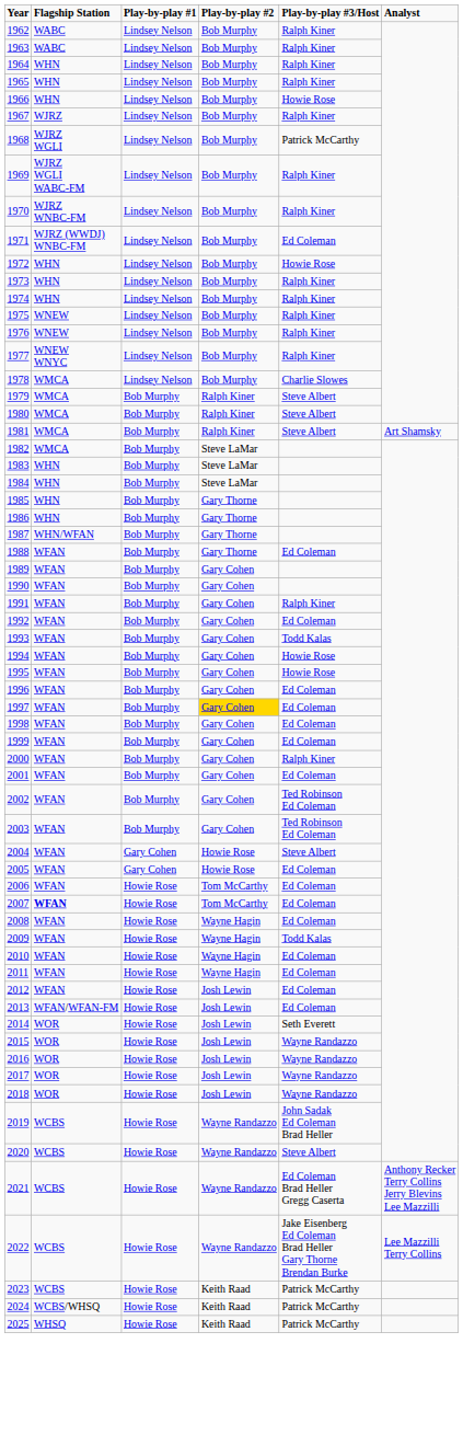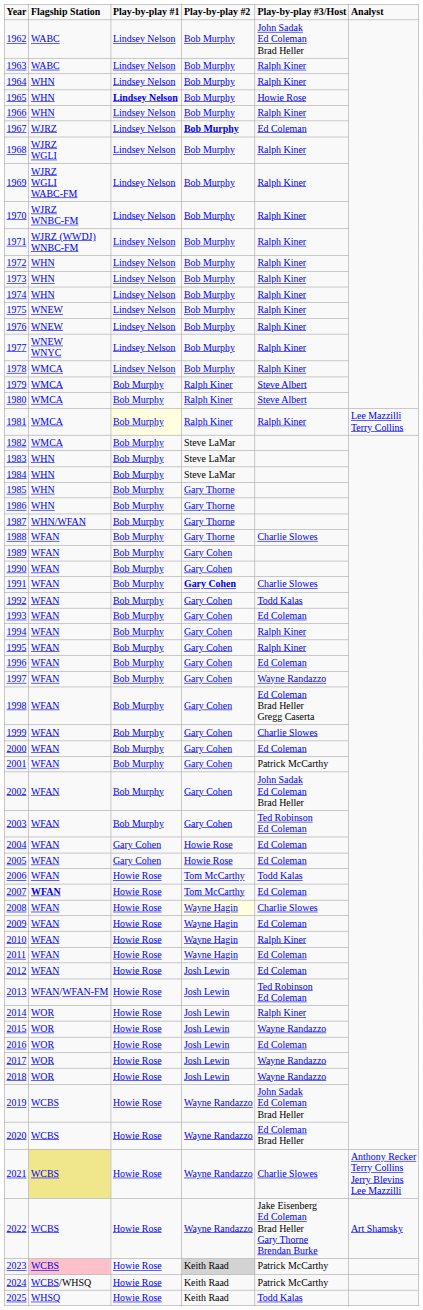 <table class="wikitable">
 <tr>
 <td><strong>Year</strong></td>
 <td><strong>Flagship Station</strong></td>
 <td><strong>Play-by-play #1</strong></td>
 <td><strong>Play-by-play #2</strong></td>
 <td><strong>Play-by-play #3/Host</strong></td>
 <td><strong>Analyst</strong></td>
 </tr>
 <tr>
 <td><a href='#'>1962</a></td>
 <td><a href='#'>WABC</a></td>
 <td><a href='#'>Lindsey Nelson</a></td>
 <td><a href='#'>Bob Murphy</a></td>
-<td><a href='#'>Ralph Kiner</a></td>
+<td><a href='#'>John Sadak</a><br><a href='#'>Ed Coleman</a><br>Brad Heller</td>
 </tr>
 <tr>
 <td><a href='#'>1963</a></td>
 <td><a href='#'>WABC</a></td>
 <td><a href='#'>Lindsey Nelson</a></td>
 <td><a href='#'>Bob Murphy</a></td>
 <td><a href='#'>Ralph Kiner</a></td>
 </tr>
 <tr>
 <td><a href='#'>1964</a></td>
 <td><a href='#'>WHN</a></td>
 <td><a href='#'>Lindsey Nelson</a></td>
 <td><a href='#'>Bob Murphy</a></td>
 <td><a href='#'>Ralph Kiner</a></td>
 </tr>
 <tr>
 <td><a href='#'>1965</a></td>
 <td><a href='#'>WHN</a></td>
-<td><a href='#'>Lindsey Nelson</a></td>
+<td><strong><a href='#'>Lindsey Nelson</a></strong></td>
 <td><a href='#'>Bob Murphy</a></td>
-<td><a href='#'>Ralph Kiner</a></td>
+<td><a href='#'>Howie Rose</a></td>
 </tr>
 <tr>
 <td><a href='#'>1966</a></td>
 <td><a href='#'>WHN</a></td>
 <td><a href='#'>Lindsey Nelson</a></td>
 <td><a href='#'>Bob Murphy</a></td>
-<td><a href='#'>Howie Rose</a></td>
+<td><a href='#'>Ralph Kiner</a></td>
 </tr>
 <tr>
 <td><a href='#'>1967</a></td>
 <td><a href='#'>WJRZ</a></td>
 <td><a href='#'>Lindsey Nelson</a></td>
-<td><a href='#'>Bob Murphy</a></td>
-<td><a href='#'>Ralph Kiner</a></td>
+<td><strong><a href='#'>Bob Murphy</a></strong></td>
+<td><a href='#'>Ed Coleman</a></td>
 </tr>
 <tr>
 <td><a href='#'>1968</a></td>
 <td><a href='#'>WJRZ</a><br><a href='#'>WGLI</a></td>
 <td><a href='#'>Lindsey Nelson</a></td>
 <td><a href='#'>Bob Murphy</a></td>
-<td>Patrick McCarthy</td>
+<td><a href='#'>Ralph Kiner</a></td>
 </tr>
 <tr>
 <td><a href='#'>1969</a></td>
 <td><a href='#'>WJRZ</a><br><a href='#'>WGLI</a><br><a href='#'>WABC-FM</a></td>
 <td><a href='#'>Lindsey Nelson</a></td>
 <td><a href='#'>Bob Murphy</a></td>
 <td><a href='#'>Ralph Kiner</a></td>
 </tr>
 <tr>
 <td><a href='#'>1970</a></td>
 <td><a href='#'>WJRZ</a><br><a href='#'>WNBC-FM</a></td>
 <td><a href='#'>Lindsey Nelson</a></td>
 <td><a href='#'>Bob Murphy</a></td>
 <td><a href='#'>Ralph Kiner</a></td>
 </tr>
 <tr>
 <td><a href='#'>1971</a></td>
 <td><a href='#'>WJRZ (WWDJ)</a><br><a href='#'>WNBC-FM</a></td>
 <td><a href='#'>Lindsey Nelson</a></td>
 <td><a href='#'>Bob Murphy</a></td>
-<td><a href='#'>Ed Coleman</a></td>
+<td><a href='#'>Ralph Kiner</a></td>
 </tr>
 <tr>
 <td><a href='#'>1972</a></td>
 <td><a href='#'>WHN</a></td>
 <td><a href='#'>Lindsey Nelson</a></td>
 <td><a href='#'>Bob Murphy</a></td>
-<td><a href='#'>Howie Rose</a></td>
+<td><a href='#'>Ralph Kiner</a></td>
 </tr>
 <tr>
 <td><a href='#'>1973</a></td>
 <td><a href='#'>WHN</a></td>
 <td><a href='#'>Lindsey Nelson</a></td>
 <td><a href='#'>Bob Murphy</a></td>
 <td><a href='#'>Ralph Kiner</a></td>
 </tr>
 <tr>
 <td><a href='#'>1974</a></td>
 <td><a href='#'>WHN</a></td>
 <td><a href='#'>Lindsey Nelson</a></td>
 <td><a href='#'>Bob Murphy</a></td>
 <td><a href='#'>Ralph Kiner</a></td>
 </tr>
 <tr>
 <td><a href='#'>1975</a></td>
 <td><a href='#'>WNEW</a></td>
 <td><a href='#'>Lindsey Nelson</a></td>
 <td><a href='#'>Bob Murphy</a></td>
 <td><a href='#'>Ralph Kiner</a></td>
 </tr>
 <tr>
 <td><a href='#'>1976</a></td>
 <td><a href='#'>WNEW</a></td>
 <td><a href='#'>Lindsey Nelson</a></td>
 <td><a href='#'>Bob Murphy</a></td>
 <td><a href='#'>Ralph Kiner</a></td>
 </tr>
 <tr>
 <td><a href='#'>1977</a></td>
 <td><a href='#'>WNEW</a><br><a href='#'>WNYC</a></td>
 <td><a href='#'>Lindsey Nelson</a></td>
 <td><a href='#'>Bob Murphy</a></td>
 <td><a href='#'>Ralph Kiner</a></td>
 </tr>
 <tr>
 <td><a href='#'>1978</a></td>
 <td><a href='#'>WMCA</a></td>
 <td><a href='#'>Lindsey Nelson</a></td>
 <td><a href='#'>Bob Murphy</a></td>
-<td><a href='#'>Charlie Slowes</a></td>
+<td><a href='#'>Ralph Kiner</a></td>
 </tr>
 <tr>
 <td><a href='#'>1979</a></td>
 <td><a href='#'>WMCA</a></td>
 <td><a href='#'>Bob Murphy</a></td>
 <td><a href='#'>Ralph Kiner</a></td>
 <td><a href='#'>Steve Albert</a></td>
 </tr>
 <tr>
 <td><a href='#'>1980</a></td>
 <td><a href='#'>WMCA</a></td>
 <td><a href='#'>Bob Murphy</a></td>
 <td><a href='#'>Ralph Kiner</a></td>
 <td><a href='#'>Steve Albert</a></td>
 </tr>
 <tr>
 <td><a href='#'>1981</a></td>
 <td><a href='#'>WMCA</a></td>
-<td><a href='#'>Bob Murphy</a></td>
+<td style="background: lightyellow;"><a href='#'>Bob Murphy</a></td>
 <td><a href='#'>Ralph Kiner</a></td>
-<td><a href='#'>Steve Albert</a></td>
-<td><a href='#'>Art Shamsky</a></td>
+<td><a href='#'>Ralph Kiner</a></td>
+<td><a href='#'>Lee Mazzilli</a><br><a href='#'>Terry Collins</a></td>
 </tr>
 <tr>
 <td><a href='#'>1982</a></td>
 <td><a href='#'>WMCA</a></td>
 <td><a href='#'>Bob Murphy</a></td>
 <td>Steve LaMar</td>
 <td></td>
 </tr>
 <tr>
 <td><a href='#'>1983</a></td>
 <td><a href='#'>WHN</a></td>
 <td><a href='#'>Bob Murphy</a></td>
 <td>Steve LaMar</td>
 <td></td>
 </tr>
 <tr>
 <td><a href='#'>1984</a></td>
 <td><a href='#'>WHN</a></td>
 <td><a href='#'>Bob Murphy</a></td>
 <td>Steve LaMar</td>
 <td></td>
 </tr>
 <tr>
 <td><a href='#'>1985</a></td>
 <td><a href='#'>WHN</a></td>
 <td><a href='#'>Bob Murphy</a></td>
 <td><a href='#'>Gary Thorne</a></td>
 <td></td>
 </tr>
 <tr>
 <td><a href='#'>1986</a></td>
 <td><a href='#'>WHN</a></td>
 <td><a href='#'>Bob Murphy</a></td>
 <td><a href='#'>Gary Thorne</a></td>
 <td></td>
 </tr>
 <tr>
 <td><a href='#'>1987</a></td>
 <td><a href='#'>WHN/WFAN</a></td>
 <td><a href='#'>Bob Murphy</a></td>
 <td><a href='#'>Gary Thorne</a></td>
 <td></td>
 </tr>
 <tr>
 <td><a href='#'>1988</a></td>
 <td><a href='#'>WFAN</a></td>
 <td><a href='#'>Bob Murphy</a></td>
 <td><a href='#'>Gary Thorne</a></td>
-<td><a href='#'>Ed Coleman</a></td>
+<td><a href='#'>Charlie Slowes</a></td>
 </tr>
 <tr>
 <td><a href='#'>1989</a></td>
 <td><a href='#'>WFAN</a></td>
 <td><a href='#'>Bob Murphy</a></td>
 <td><a href='#'>Gary Cohen</a></td>
 <td></td>
 </tr>
 <tr>
 <td><a href='#'>1990</a></td>
 <td><a href='#'>WFAN</a></td>
 <td><a href='#'>Bob Murphy</a></td>
 <td><a href='#'>Gary Cohen</a></td>
 <td></td>
 </tr>
 <tr>
 <td><a href='#'>1991</a></td>
 <td><a href='#'>WFAN</a></td>
 <td><a href='#'>Bob Murphy</a></td>
-<td><a href='#'>Gary Cohen</a></td>
-<td><a href='#'>Ralph Kiner</a></td>
+<td><strong><a href='#'>Gary Cohen</a></strong></td>
+<td><a href='#'>Charlie Slowes</a></td>
 </tr>
 <tr>
 <td><a href='#'>1992</a></td>
 <td><a href='#'>WFAN</a></td>
 <td><a href='#'>Bob Murphy</a></td>
 <td><a href='#'>Gary Cohen</a></td>
-<td><a href='#'>Ed Coleman</a></td>
+<td><a href='#'>Todd Kalas</a></td>
 </tr>
 <tr>
 <td><a href='#'>1993</a></td>
 <td><a href='#'>WFAN</a></td>
 <td><a href='#'>Bob Murphy</a></td>
 <td><a href='#'>Gary Cohen</a></td>
-<td><a href='#'>Todd Kalas</a></td>
+<td><a href='#'>Ed Coleman</a></td>
 </tr>
 <tr>
 <td><a href='#'>1994</a></td>
 <td><a href='#'>WFAN</a></td>
 <td><a href='#'>Bob Murphy</a></td>
 <td><a href='#'>Gary Cohen</a></td>
-<td><a href='#'>Howie Rose</a></td>
+<td><a href='#'>Ralph Kiner</a></td>
 </tr>
 <tr>
 <td><a href='#'>1995</a></td>
 <td><a href='#'>WFAN</a></td>
 <td><a href='#'>Bob Murphy</a></td>
 <td><a href='#'>Gary Cohen</a></td>
-<td><a href='#'>Howie Rose</a></td>
+<td><a href='#'>Ralph Kiner</a></td>
 </tr>
 <tr>
 <td><a href='#'>1996</a></td>
 <td><a href='#'>WFAN</a></td>
 <td><a href='#'>Bob Murphy</a></td>
 <td><a href='#'>Gary Cohen</a></td>
 <td><a href='#'>Ed Coleman</a></td>
 </tr>
 <tr>
 <td><a href='#'>1997</a></td>
 <td><a href='#'>WFAN</a></td>
 <td><a href='#'>Bob Murphy</a></td>
-<td style="background: gold;"><a href='#'>Gary Cohen</a></td>
-<td><a href='#'>Ed Coleman</a></td>
+<td><a href='#'>Gary Cohen</a></td>
+<td><a href='#'>Wayne Randazzo</a></td>
 </tr>
 <tr>
 <td><a href='#'>1998</a></td>
 <td><a href='#'>WFAN</a></td>
 <td><a href='#'>Bob Murphy</a></td>
 <td><a href='#'>Gary Cohen</a></td>
-<td><a href='#'>Ed Coleman</a></td>
+<td><a href='#'>Ed Coleman</a><br>Brad Heller<br>Gregg Caserta</td>
 </tr>
 <tr>
 <td><a href='#'>1999</a></td>
 <td><a href='#'>WFAN</a></td>
 <td><a href='#'>Bob Murphy</a></td>
 <td><a href='#'>Gary Cohen</a></td>
-<td><a href='#'>Ed Coleman</a></td>
+<td><a href='#'>Charlie Slowes</a></td>
 </tr>
 <tr>
 <td><a href='#'>2000</a></td>
 <td><a href='#'>WFAN</a></td>
 <td><a href='#'>Bob Murphy</a></td>
 <td><a href='#'>Gary Cohen</a></td>
-<td><a href='#'>Ralph Kiner</a></td>
+<td><a href='#'>Ed Coleman</a></td>
 </tr>
 <tr>
 <td><a href='#'>2001</a></td>
 <td><a href='#'>WFAN</a></td>
 <td><a href='#'>Bob Murphy</a></td>
 <td><a href='#'>Gary Cohen</a></td>
-<td><a href='#'>Ed Coleman</a></td>
+<td>Patrick McCarthy</td>
 </tr>
 <tr>
 <td><a href='#'>2002</a></td>
 <td><a href='#'>WFAN</a></td>
 <td><a href='#'>Bob Murphy</a></td>
 <td><a href='#'>Gary Cohen</a></td>
-<td><a href='#'>Ted Robinson</a> <br><a href='#'>Ed Coleman</a></td>
+<td><a href='#'>John Sadak</a><br><a href='#'>Ed Coleman</a><br>Brad Heller</td>
 </tr>
 <tr>
 <td><a href='#'>2003</a></td>
 <td><a href='#'>WFAN</a></td>
 <td><a href='#'>Bob Murphy</a></td>
 <td><a href='#'>Gary Cohen</a></td>
 <td><a href='#'>Ted Robinson</a> <br><a href='#'>Ed Coleman</a></td>
 </tr>
 <tr>
 <td><a href='#'>2004</a></td>
 <td><a href='#'>WFAN</a></td>
 <td><a href='#'>Gary Cohen</a></td>
 <td><a href='#'>Howie Rose</a></td>
-<td><a href='#'>Steve Albert</a></td>
+<td><a href='#'>Ed Coleman</a></td>
 </tr>
 <tr>
 <td><a href='#'>2005</a></td>
 <td><a href='#'>WFAN</a></td>
 <td><a href='#'>Gary Cohen</a></td>
 <td><a href='#'>Howie Rose</a></td>
 <td><a href='#'>Ed Coleman</a></td>
 </tr>
 <tr>
 <td><a href='#'>2006</a></td>
 <td><a href='#'>WFAN</a></td>
 <td><a href='#'>Howie Rose</a></td>
 <td><a href='#'>Tom McCarthy</a></td>
-<td><a href='#'>Ed Coleman</a></td>
+<td><a href='#'>Todd Kalas</a></td>
 </tr>
 <tr>
 <td><a href='#'>2007</a></td>
 <td><strong><a href='#'>WFAN</a></strong></td>
 <td><a href='#'>Howie Rose</a></td>
 <td><a href='#'>Tom McCarthy</a></td>
 <td><a href='#'>Ed Coleman</a></td>
 </tr>
 <tr>
 <td><a href='#'>2008</a></td>
 <td><a href='#'>WFAN</a></td>
 <td><a href='#'>Howie Rose</a></td>
-<td><a href='#'>Wayne Hagin</a></td>
-<td><a href='#'>Ed Coleman</a></td>
+<td style="background: lightyellow;"><a href='#'>Wayne Hagin</a></td>
+<td><a href='#'>Charlie Slowes</a></td>
 </tr>
 <tr>
 <td><a href='#'>2009</a></td>
 <td><a href='#'>WFAN</a></td>
 <td><a href='#'>Howie Rose</a></td>
 <td><a href='#'>Wayne Hagin</a></td>
-<td><a href='#'>Todd Kalas</a></td>
+<td><a href='#'>Ed Coleman</a></td>
 </tr>
 <tr>
 <td><a href='#'>2010</a></td>
 <td><a href='#'>WFAN</a></td>
 <td><a href='#'>Howie Rose</a></td>
 <td><a href='#'>Wayne Hagin</a></td>
-<td><a href='#'>Ed Coleman</a></td>
+<td><a href='#'>Ralph Kiner</a></td>
 </tr>
 <tr>
 <td><a href='#'>2011</a></td>
 <td><a href='#'>WFAN</a></td>
 <td><a href='#'>Howie Rose</a></td>
 <td><a href='#'>Wayne Hagin</a></td>
 <td><a href='#'>Ed Coleman</a></td>
 </tr>
 <tr>
 <td><a href='#'>2012</a></td>
 <td><a href='#'>WFAN</a></td>
 <td><a href='#'>Howie Rose</a></td>
 <td><a href='#'>Josh Lewin</a></td>
 <td><a href='#'>Ed Coleman</a></td>
 </tr>
 <tr>
 <td><a href='#'>2013</a></td>
 <td><a href='#'>WFAN</a>/<a href='#'>WFAN-FM</a></td>
 <td><a href='#'>Howie Rose</a></td>
 <td><a href='#'>Josh Lewin</a></td>
-<td><a href='#'>Ed Coleman</a></td>
+<td><a href='#'>Ted Robinson</a> <br><a href='#'>Ed Coleman</a></td>
 </tr>
 <tr>
 <td><a href='#'>2014</a></td>
 <td><a href='#'>WOR</a></td>
 <td><a href='#'>Howie Rose</a></td>
 <td><a href='#'>Josh Lewin</a></td>
-<td>Seth Everett</td>
+<td><a href='#'>Ralph Kiner</a></td>
 </tr>
 <tr>
 <td><a href='#'>2015</a></td>
 <td><a href='#'>WOR</a></td>
 <td><a href='#'>Howie Rose</a></td>
 <td><a href='#'>Josh Lewin</a></td>
 <td><a href='#'>Wayne Randazzo</a></td>
 </tr>
 <tr>
 <td><a href='#'>2016</a></td>
 <td><a href='#'>WOR</a></td>
 <td><a href='#'>Howie Rose</a></td>
 <td><a href='#'>Josh Lewin</a></td>
-<td><a href='#'>Wayne Randazzo</a></td>
+<td><a href='#'>Ed Coleman</a></td>
 </tr>
 <tr>
 <td><a href='#'>2017</a></td>
 <td><a href='#'>WOR</a></td>
 <td><a href='#'>Howie Rose</a></td>
 <td><a href='#'>Josh Lewin</a></td>
 <td><a href='#'>Wayne Randazzo</a></td>
 </tr>
 <tr>
 <td><a href='#'>2018</a></td>
 <td><a href='#'>WOR</a></td>
 <td><a href='#'>Howie Rose</a></td>
 <td><a href='#'>Josh Lewin</a></td>
 <td><a href='#'>Wayne Randazzo</a></td>
 </tr>
 <tr>
 <td><a href='#'>2019</a></td>
 <td><a href='#'>WCBS</a></td>
 <td><a href='#'>Howie Rose</a></td>
 <td><a href='#'>Wayne Randazzo</a></td>
 <td><a href='#'>John Sadak</a><br><a href='#'>Ed Coleman</a><br>Brad Heller</td>
 </tr>
 <tr>
 <td><a href='#'>2020</a></td>
 <td><a href='#'>WCBS</a></td>
 <td><a href='#'>Howie Rose</a></td>
 <td><a href='#'>Wayne Randazzo</a></td>
-<td><a href='#'>Steve Albert</a></td>
+<td><a href='#'>Ed Coleman</a><br>Brad Heller</td>
 </tr>
 <tr>
 <td><a href='#'>2021</a></td>
-<td><a href='#'>WCBS</a></td>
+<td style="background: khaki;"><a href='#'>WCBS</a></td>
 <td><a href='#'>Howie Rose</a></td>
 <td><a href='#'>Wayne Randazzo</a></td>
-<td><a href='#'>Ed Coleman</a><br>Brad Heller<br>Gregg Caserta</td>
+<td><a href='#'>Charlie Slowes</a></td>
 <td><a href='#'>Anthony Recker</a><br><a href='#'>Terry Collins</a><br><a href='#'>Jerry Blevins</a><br><a href='#'>Lee Mazzilli</a></td>
 </tr>
 <tr>
 <td><a href='#'>2022</a></td>
 <td><a href='#'>WCBS</a></td>
 <td><a href='#'>Howie Rose</a></td>
 <td><a href='#'>Wayne Randazzo</a></td>
 <td>Jake Eisenberg <br><a href='#'>Ed Coleman</a> <br>Brad Heller<br><a href='#'>Gary Thorne</a><br><a href='#'>Brendan Burke</a></td>
-<td><a href='#'>Lee Mazzilli</a><br><a href='#'>Terry Collins</a></td>
+<td><a href='#'>Art Shamsky</a></td>
 </tr>
 <tr>
 <td><a href='#'>2023</a></td>
-<td><a href='#'>WCBS</a></td>
+<td style="background: pink;"><a href='#'>WCBS</a></td>
 <td><a href='#'>Howie Rose</a></td>
-<td>Keith Raad</td>
+<td style="background: lightgrey;">Keith Raad</td>
 <td>Patrick McCarthy</td>
 <td></td>
 </tr>
 <tr>
 <td><a href='#'>2024</a></td>
 <td><a href='#'>WCBS</a>/WHSQ</td>
 <td><a href='#'>Howie Rose</a></td>
 <td>Keith Raad</td>
 <td>Patrick McCarthy</td>
 <td></td>
 </tr>
 <tr>
 <td><a href='#'>2025</a></td>
 <td><a href='#'>WHSQ</a></td>
 <td><a href='#'>Howie Rose</a></td>
 <td>Keith Raad</td>
-<td>Patrick McCarthy</td>
+<td><a href='#'>Todd Kalas</a></td>
 <td></td>
 </tr>
 </table>
